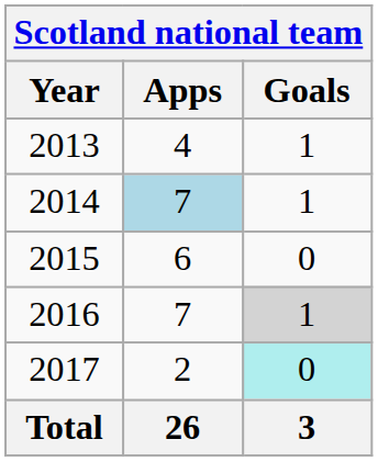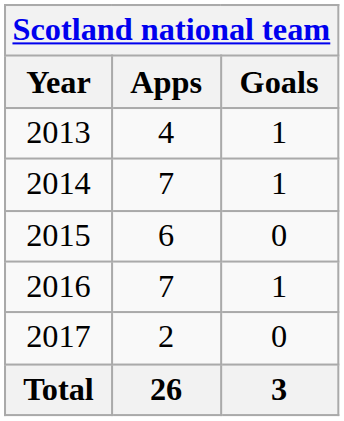 <table class="wikitable" style="text-align:center">
 <tr>
 <th colspan=3><a href='#'>Scotland national team</a></th>
 </tr>
 <tr>
 <th>Year</th>
 <th>Apps</th>
 <th>Goals</th>
 </tr>
 <tr>
 <td>2013</td>
 <td>4</td>
 <td>1</td>
 </tr>
 <tr>
 <td>2014</td>
-<td style="background: lightblue;">7</td>
+<td>7</td>
 <td>1</td>
 </tr>
 <tr>
 <td>2015</td>
 <td>6</td>
 <td>0</td>
 </tr>
 <tr>
 <td>2016</td>
 <td>7</td>
-<td style="background: lightgrey;">1</td>
+<td>1</td>
 </tr>
 <tr>
 <td>2017</td>
 <td>2</td>
-<td style="background: paleturquoise;">0</td>
+<td>0</td>
 </tr>
 <tr>
 <th>Total</th>
 <th>26</th>
 <th>3</th>
 </tr>
 </table>
